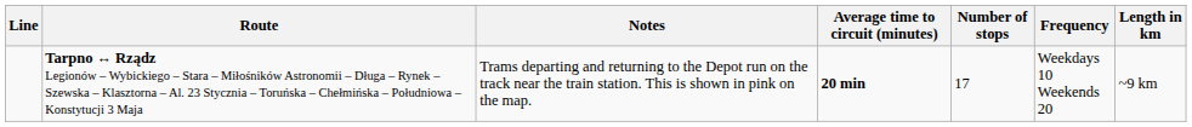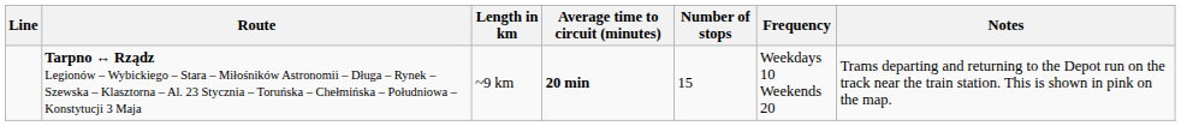 <table class="wikitable"  style="text-align:center width="55%">
 <tr>
 <th>Line</th>
 <th>Route</th>
-<th>Notes</th>
+<th>Length in km</th>
 <th>Average time to circuit (minutes)</th>
 <th>Number of stops</th>
 <th>Frequency</th>
-<th>Length in km</th>
+<th>Notes</th>
 </tr>
 <tr>
 <td></td>
 <td><strong>Tarpno</strong> ↔ <strong>Rządz</strong><br><small>Legionów – Wybickiego – Stara – Miłośników Astronomii – Długa – Rynek – Szewska – Klasztorna – Al. 23 Stycznia – Toruńska – Chełmińska – Południowa – Konstytucji 3 Maja</small></td>
+<td>~9 km</td>
+<td><strong>20 min</strong></td>
+<td>15</td>
+<td>Weekdays <br> 10 Weekends <br> 20</td>
 <td>Trams departing and returning to the Depot run on the track near the train station. This is shown in pink on the map.</td>
-<td><strong>20 min</strong></td>
-<td>17</td>
-<td>Weekdays <br> 10 Weekends <br> 20</td>
-<td>~9 km</td>
 </tr>
 </table>
